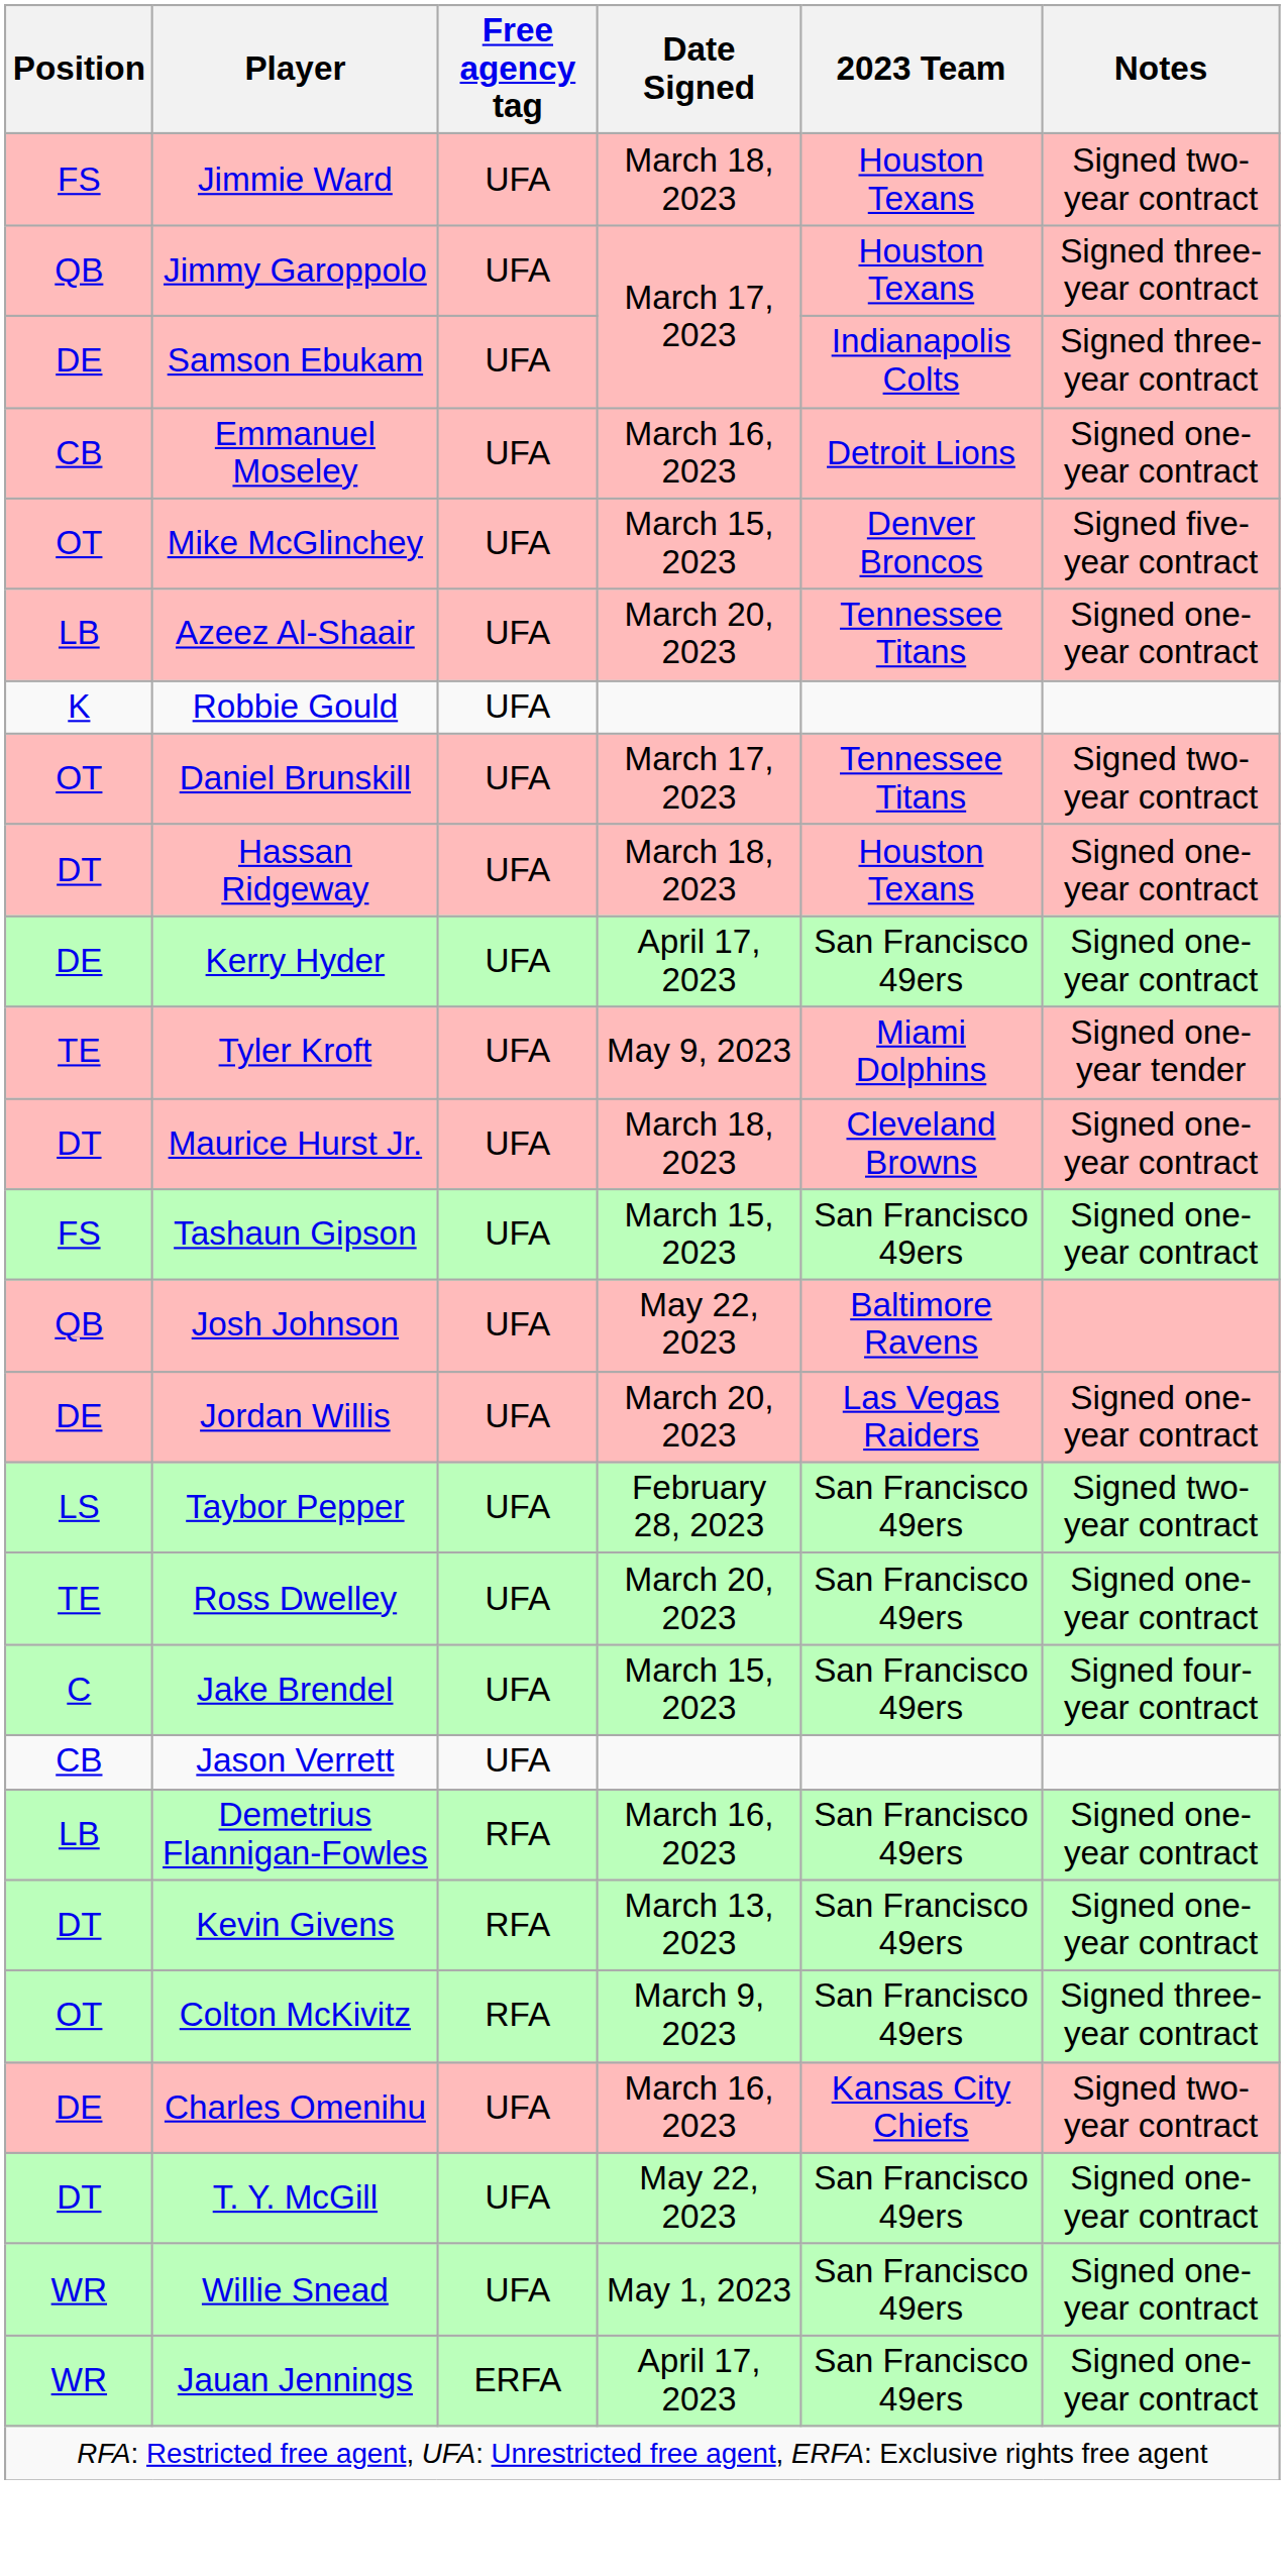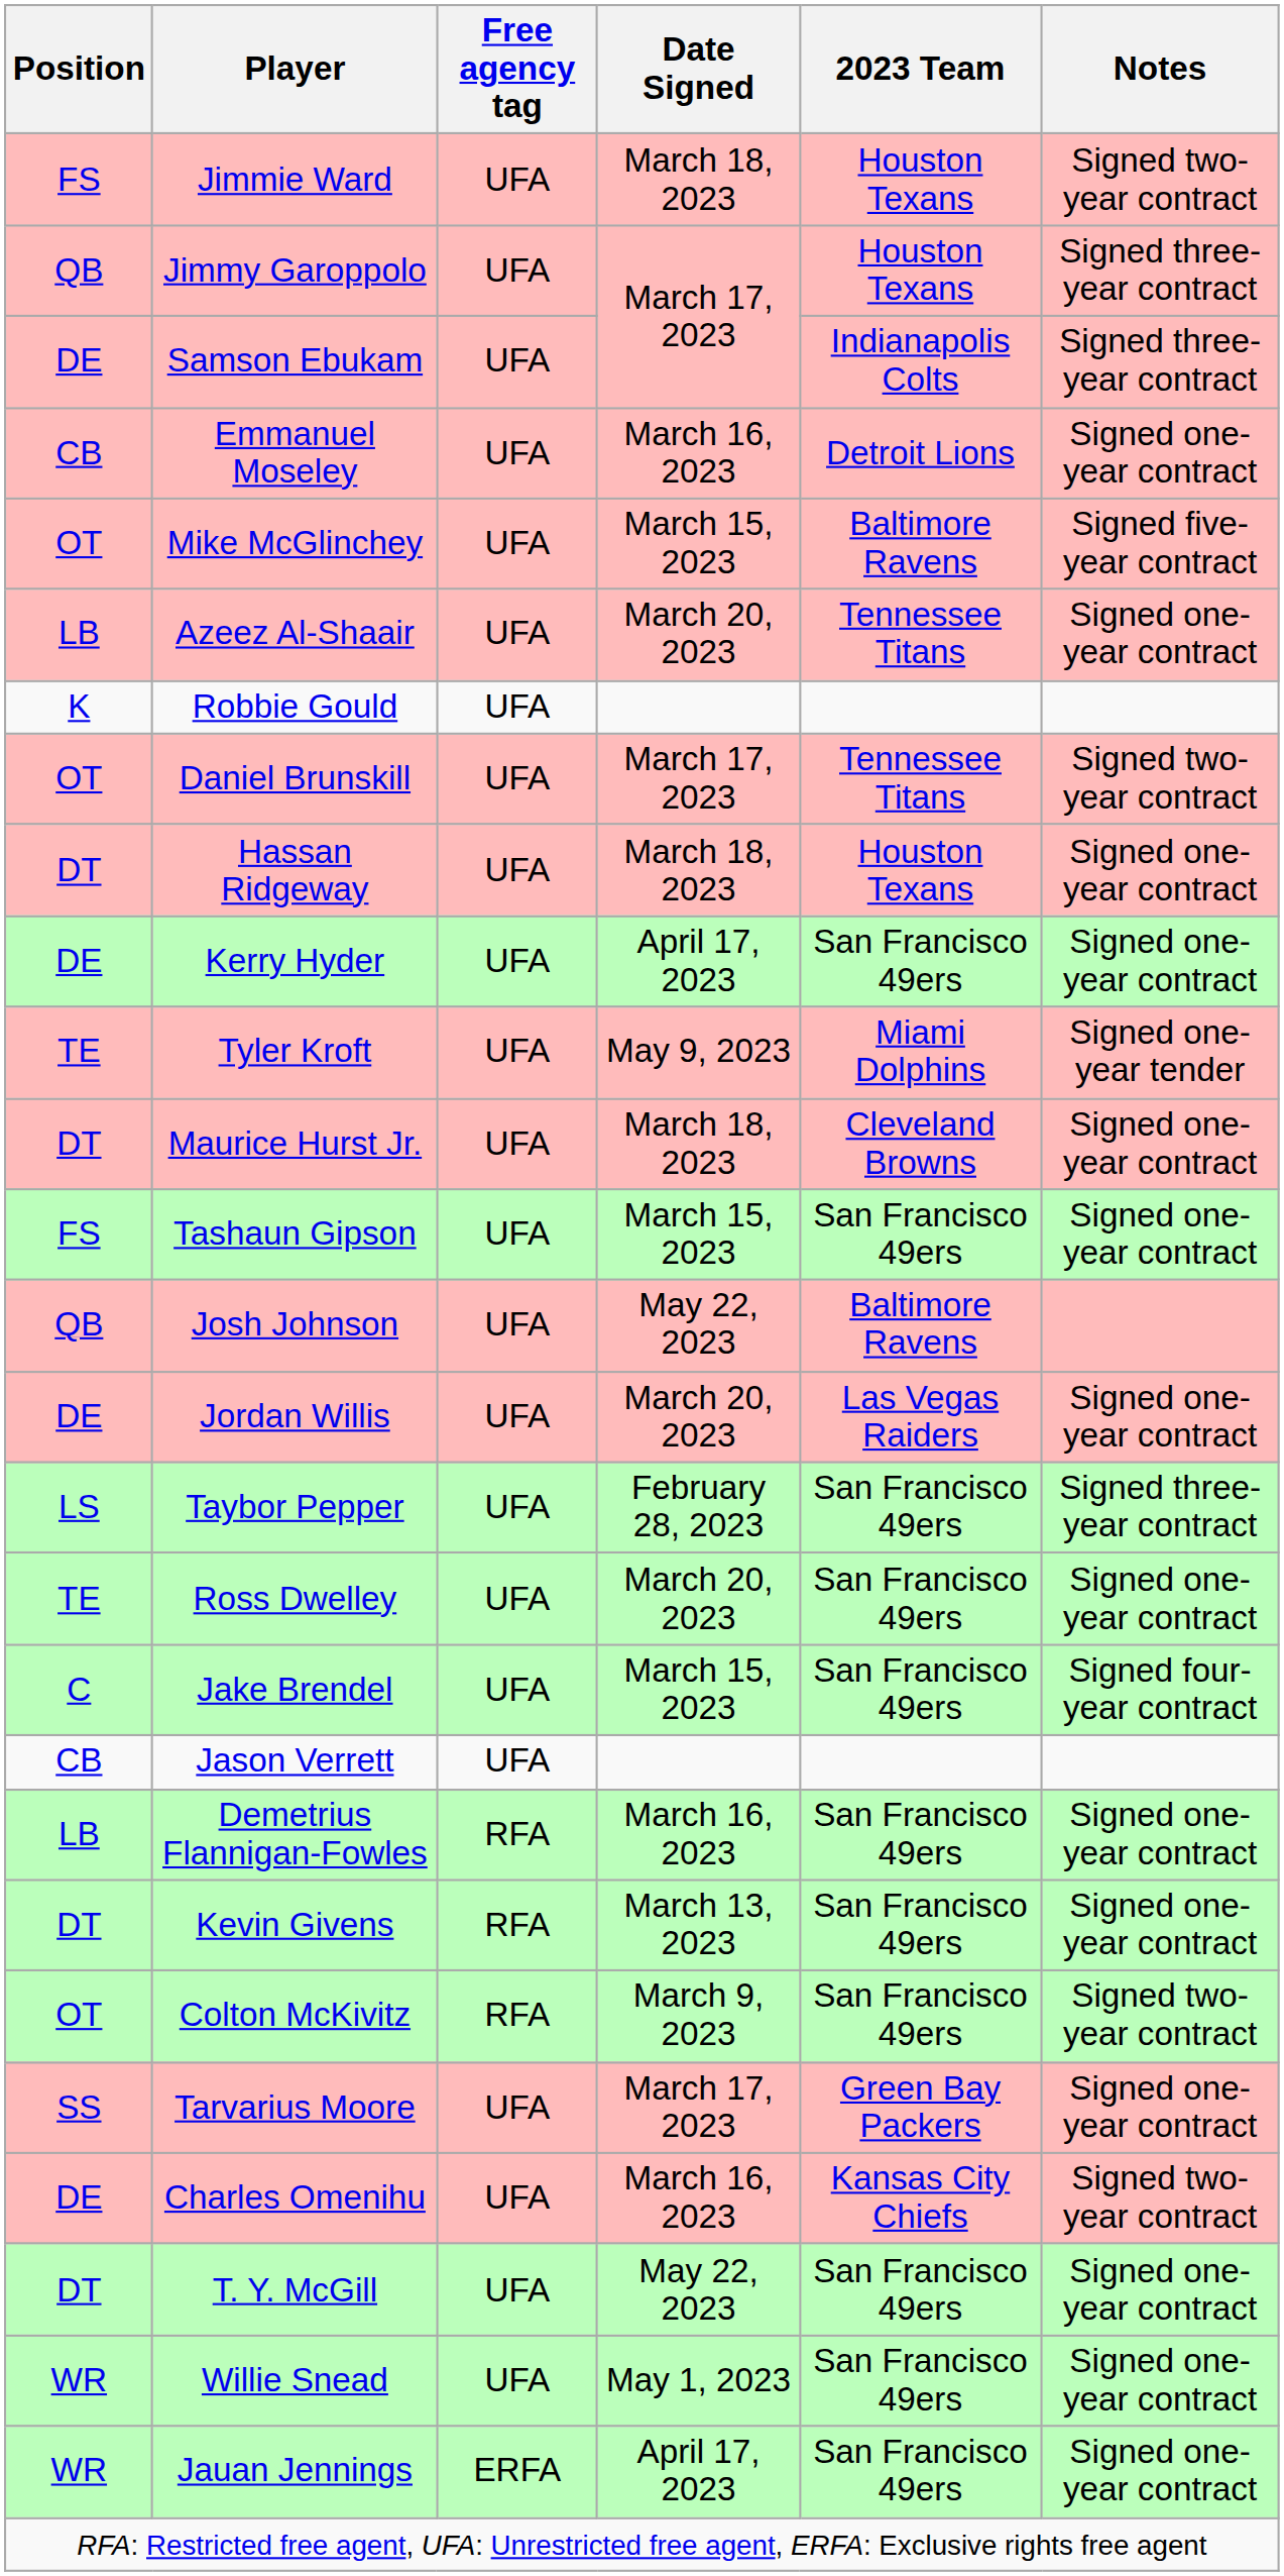 <table class="sortable wikitable" style="text-align:center">
 <tr>
 <th>Position</th>
 <th>Player</th>
 <th><a href='#'><span>Free agency</span></a><br>tag</th>
 <th>Date Signed</th>
 <th>2023 Team</th>
 <th>Notes</th>
 </tr>
 <tr style="background: #fbb">
 <td><a href='#'>FS</a></td>
 <td><a href='#'>Jimmie Ward</a></td>
 <td>UFA</td>
 <td>March 18, 2023</td>
 <td><a href='#'>Houston Texans</a></td>
 <td>Signed two-year contract</td>
 </tr>
 <tr style="background: #fbb">
 <td><a href='#'>QB</a></td>
 <td><a href='#'>Jimmy Garoppolo</a></td>
 <td>UFA</td>
 <td rowspan="2">March 17, 2023</td>
 <td><a href='#'>Houston Texans</a></td>
 <td>Signed three-year contract</td>
 </tr>
 <tr style="background: #fbb">
 <td><a href='#'>DE</a></td>
 <td><a href='#'>Samson Ebukam</a></td>
 <td>UFA</td>
 <td><a href='#'>Indianapolis Colts</a></td>
 <td>Signed three-year contract</td>
 </tr>
 <tr style="background: #fbb">
 <td><a href='#'>CB</a></td>
 <td><a href='#'>Emmanuel Moseley</a></td>
 <td>UFA</td>
 <td>March 16, 2023</td>
 <td><a href='#'>Detroit Lions</a></td>
 <td>Signed one-year contract</td>
 </tr>
 <tr style="background: #fbb">
 <td><a href='#'>OT</a></td>
 <td><a href='#'>Mike McGlinchey</a></td>
 <td>UFA</td>
 <td>March 15, 2023</td>
-<td><a href='#'>Denver Broncos</a></td>
+<td><a href='#'>Baltimore Ravens</a></td>
 <td>Signed five-year contract</td>
 </tr>
 <tr style="background: #fbb">
 <td><a href='#'>LB</a></td>
 <td><a href='#'>Azeez Al-Shaair</a></td>
 <td>UFA</td>
 <td>March 20, 2023</td>
 <td><a href='#'>Tennessee Titans</a></td>
 <td>Signed one-year contract</td>
 </tr>
 <tr style="background:">
 <td><a href='#'>K</a></td>
 <td><a href='#'>Robbie Gould</a></td>
 <td>UFA</td>
 <td></td>
 <td></td>
 <td></td>
 </tr>
 <tr style="background: #fbb">
 <td><a href='#'>OT</a></td>
 <td><a href='#'>Daniel Brunskill</a></td>
 <td>UFA</td>
 <td>March 17, 2023</td>
 <td><a href='#'>Tennessee Titans</a></td>
 <td>Signed two-year contract</td>
 </tr>
 <tr style="background: #fbb">
 <td><a href='#'>DT</a></td>
 <td><a href='#'>Hassan Ridgeway</a></td>
 <td>UFA</td>
 <td>March 18, 2023</td>
 <td><a href='#'>Houston Texans</a></td>
 <td>Signed one-year contract</td>
 </tr>
 <tr style="background: #bfb">
 <td><a href='#'>DE</a></td>
 <td><a href='#'>Kerry Hyder</a></td>
 <td>UFA</td>
 <td>April 17, 2023</td>
 <td>San Francisco 49ers</td>
 <td>Signed one-year contract</td>
 </tr>
 <tr style="background: #fbb">
 <td><a href='#'>TE</a></td>
 <td><a href='#'>Tyler Kroft</a></td>
 <td>UFA</td>
 <td>May 9, 2023</td>
 <td><a href='#'>Miami Dolphins</a></td>
 <td>Signed one-year tender</td>
 </tr>
 <tr style="background: #fbb">
 <td><a href='#'>DT</a></td>
 <td><a href='#'>Maurice Hurst Jr.</a></td>
 <td>UFA</td>
 <td>March 18, 2023</td>
 <td><a href='#'>Cleveland Browns</a></td>
 <td>Signed one-year contract</td>
 </tr>
 <tr style="background: #bfb">
 <td><a href='#'>FS</a></td>
 <td><a href='#'>Tashaun Gipson</a></td>
 <td>UFA</td>
 <td>March 15, 2023</td>
 <td>San Francisco 49ers</td>
 <td>Signed one-year contract</td>
 </tr>
 <tr style="background: #fbb">
 <td><a href='#'>QB</a></td>
 <td><a href='#'>Josh Johnson</a></td>
 <td>UFA</td>
 <td>May 22, 2023</td>
 <td><a href='#'>Baltimore Ravens</a></td>
 <td></td>
 </tr>
 <tr style="background: #fbb">
 <td><a href='#'>DE</a></td>
 <td><a href='#'>Jordan Willis</a></td>
 <td>UFA</td>
 <td>March 20, 2023</td>
 <td><a href='#'>Las Vegas Raiders</a></td>
 <td>Signed one-year contract</td>
 </tr>
 <tr style="background: #bfb">
 <td><a href='#'>LS</a></td>
 <td><a href='#'>Taybor Pepper</a></td>
 <td>UFA</td>
 <td>February 28, 2023</td>
 <td>San Francisco 49ers</td>
-<td>Signed two-year contract</td>
+<td>Signed three-year contract</td>
 </tr>
 <tr style="background: #bfb">
 <td><a href='#'>TE</a></td>
 <td><a href='#'>Ross Dwelley</a></td>
 <td>UFA</td>
 <td>March 20, 2023</td>
 <td>San Francisco 49ers</td>
 <td>Signed one-year contract</td>
 </tr>
 <tr style="background: #bfb">
 <td><a href='#'>C</a></td>
 <td><a href='#'>Jake Brendel</a></td>
 <td>UFA</td>
 <td>March 15, 2023</td>
 <td>San Francisco 49ers</td>
 <td>Signed four-year contract</td>
 </tr>
 <tr style="background:">
 <td><a href='#'>CB</a></td>
 <td><a href='#'>Jason Verrett</a></td>
 <td>UFA</td>
 <td></td>
 <td></td>
 <td></td>
 </tr>
 <tr style="background: #bfb">
 <td><a href='#'>LB</a></td>
 <td><a href='#'>Demetrius Flannigan-Fowles</a></td>
 <td>RFA</td>
 <td>March 16, 2023</td>
 <td>San Francisco 49ers</td>
 <td>Signed one-year contract</td>
 </tr>
 <tr style="background: #bfb">
 <td><a href='#'>DT</a></td>
 <td><a href='#'>Kevin Givens</a></td>
 <td>RFA</td>
 <td>March 13, 2023</td>
 <td>San Francisco 49ers</td>
 <td>Signed one-year contract</td>
 </tr>
 <tr style="background: #bfb">
 <td><a href='#'>OT</a></td>
 <td><a href='#'>Colton McKivitz</a></td>
 <td>RFA</td>
 <td>March 9, 2023</td>
 <td>San Francisco 49ers</td>
-<td>Signed three-year contract</td>
+<td>Signed two-year contract</td>
+</tr>
+<tr style="background: #fbb">
+<td><a href='#'>SS</a></td>
+<td><a href='#'>Tarvarius Moore</a></td>
+<td>UFA</td>
+<td>March 17, 2023</td>
+<td><a href='#'>Green Bay Packers</a></td>
+<td>Signed one-year contract</td>
 </tr>
 <tr style="background: #fbb">
 <td><a href='#'>DE</a></td>
 <td><a href='#'>Charles Omenihu</a></td>
 <td>UFA</td>
 <td>March 16, 2023</td>
 <td><a href='#'>Kansas City Chiefs</a></td>
 <td>Signed two-year contract</td>
 </tr>
 <tr style="background: #bfb">
 <td><a href='#'>DT</a></td>
 <td><a href='#'>T. Y. McGill</a></td>
 <td>UFA</td>
 <td>May 22, 2023</td>
 <td>San Francisco 49ers</td>
 <td>Signed one-year contract</td>
 </tr>
 <tr style="background: #bfb">
 <td><a href='#'>WR</a></td>
 <td><a href='#'>Willie Snead</a></td>
 <td>UFA</td>
 <td>May 1, 2023</td>
 <td>San Francisco 49ers</td>
 <td>Signed one-year contract</td>
 </tr>
 <tr style="background: #bfb">
 <td><a href='#'>WR</a></td>
 <td><a href='#'>Jauan Jennings</a></td>
 <td>ERFA</td>
 <td>April 17, 2023</td>
 <td>San Francisco 49ers</td>
 <td>Signed one-year contract</td>
 </tr>
 <tr>
 <td colspan="6"><small><em>RFA</em>: <a href='#'>Restricted free agent</a>, <em>UFA</em>: <a href='#'>Unrestricted free agent</a>, <em>ERFA</em>: Exclusive rights free agent</small><br></td>
 </tr>
 </table>
